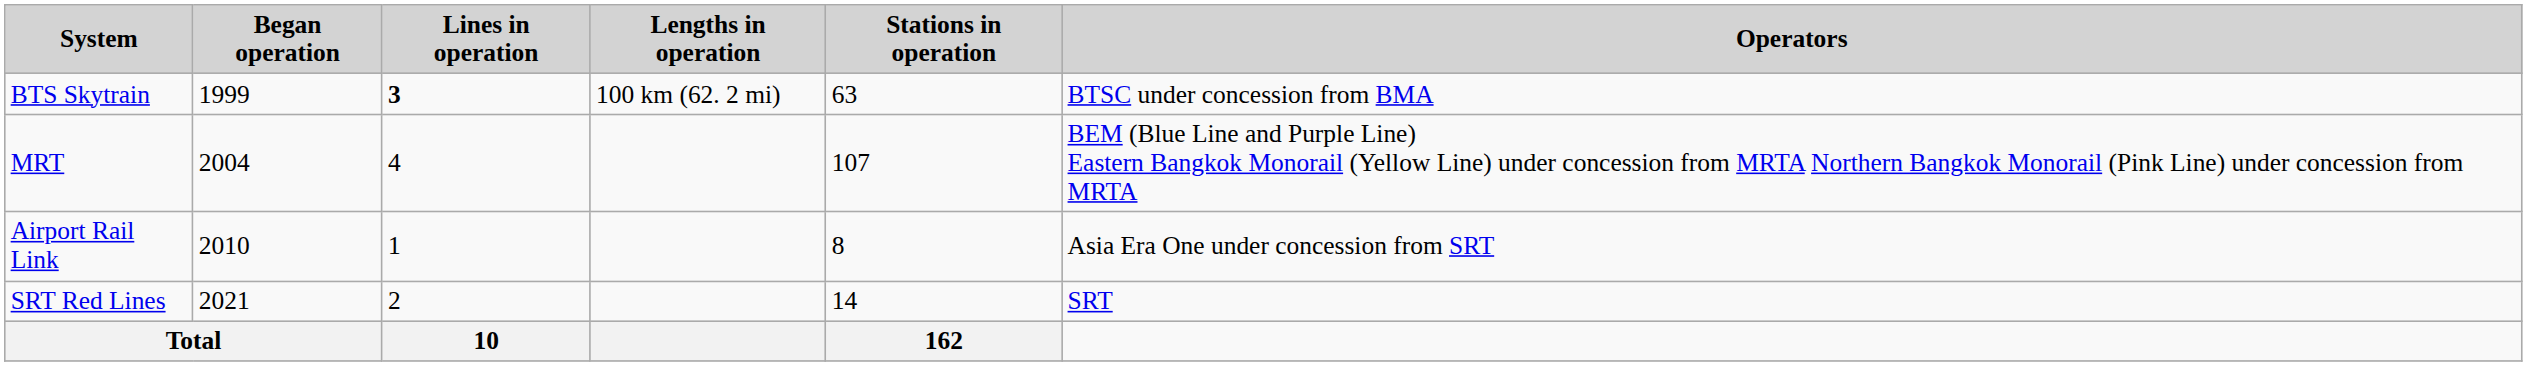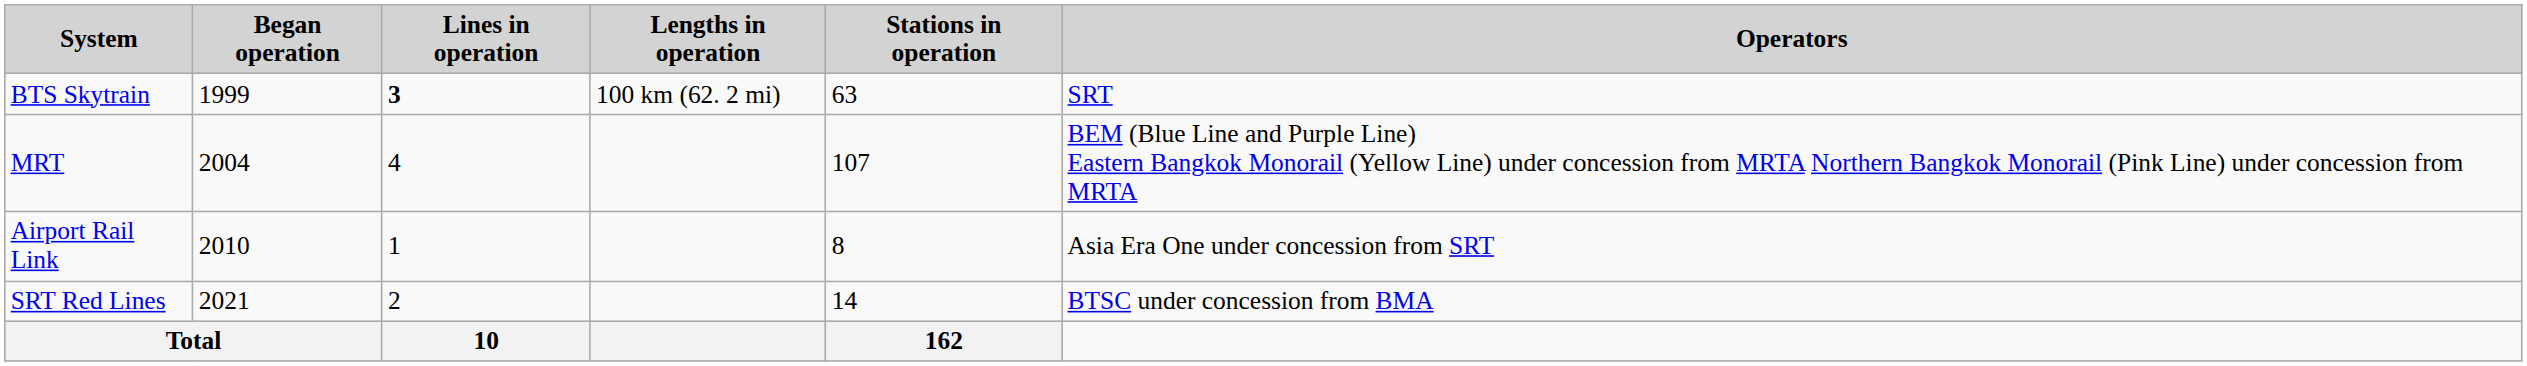 <table class="wikitable" style="width:100%;">
 <tr>
 <th style="background-color:lightgrey">System</th>
 <th style="background-color:lightgrey">Began operation</th>
 <th style="background-color:lightgrey">Lines in operation</th>
 <th style="background-color:lightgrey">Lengths in operation</th>
 <th style="background-color:lightgrey">Stations in operation</th>
 <th style="background-color:lightgrey">Operators</th>
 </tr>
 <tr>
 <td> <a href='#'>BTS Skytrain</a></td>
 <td>1999</td>
 <td><strong>3</strong></td>
 <td>100 km (62. 2 mi)</td>
 <td>63</td>
-<td><a href='#'>BTSC</a> under concession from <a href='#'>BMA</a></td>
+<td><a href='#'>SRT</a></td>
 </tr>
 <tr>
 <td> <a href='#'>MRT</a></td>
 <td>2004</td>
 <td>4</td>
 <td></td>
 <td>107</td>
 <td><a href='#'>BEM</a> (Blue Line and Purple Line)<br><a href='#'>Eastern Bangkok Monorail</a> (Yellow Line) under concession from <a href='#'>MRTA</a> <a href='#'>Northern Bangkok Monorail</a> (Pink Line) under concession from <a href='#'>MRTA</a></td>
 </tr>
 <tr>
 <td> <a href='#'>Airport Rail Link</a></td>
 <td>2010</td>
 <td>1</td>
 <td></td>
 <td>8</td>
 <td>Asia Era One under concession from <a href='#'>SRT</a></td>
 </tr>
 <tr>
 <td><a href='#'>SRT Red Lines</a></td>
 <td>2021</td>
 <td>2</td>
 <td></td>
 <td>14</td>
-<td><a href='#'>SRT</a></td>
+<td><a href='#'>BTSC</a> under concession from <a href='#'>BMA</a></td>
 </tr>
 <tr>
 <th colspan="2">Total</th>
 <th>10</th>
 <th></th>
 <th>162</th>
 </tr>
 </table>
